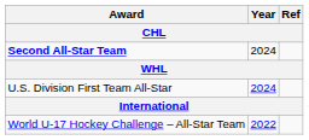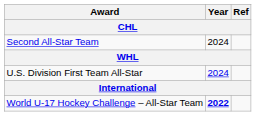 <table class="wikitable">
 <tr>
 <th>Award</th>
 <th>Year</th>
 <th>Ref</th>
 </tr>
 <tr ALIGN="center" bgcolor="#e0e0e0">
 <th colspan="4"><a href='#'>CHL</a></th>
 </tr>
 <tr>
-<td><strong><a href='#'>Second All-Star Team</a></strong></td>
+<td><a href='#'>Second All-Star Team</a></td>
 <td>2024</td>
 <td></td>
 </tr>
 <tr>
 <th colspan="3"><a href='#'>WHL</a></th>
 </tr>
 <tr>
 <td>U.S. Division First Team All-Star</td>
 <td><a href='#'>2024</a></td>
 <td></td>
 </tr>
 <tr>
 <th colspan="3"><a href='#'>International</a></th>
 </tr>
 <tr>
 <td><a href='#'>World U-17 Hockey Challenge</a> – All-Star Team</td>
-<td><a href='#'>2022</a></td>
+<td><strong><a href='#'>2022</a></strong></td>
 <td></td>
 </tr>
 </table>
